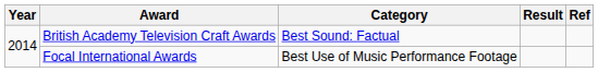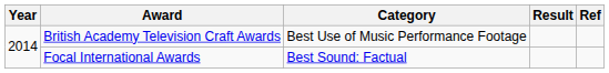 <table class="wikitable">
 <tr>
 <th>Year</th>
 <th>Award</th>
 <th>Category</th>
 <th>Result</th>
 <th>Ref</th>
 </tr>
 <tr>
 <td rowspan=2>2014</td>
 <td><a href='#'>British Academy Television Craft Awards</a></td>
-<td><a href='#'>Best Sound: Factual</a></td>
+<td>Best Use of Music Performance Footage</td>
 <td></td>
 <td align=center></td>
 </tr>
 <tr>
 <td><a href='#'>Focal International Awards</a></td>
-<td>Best Use of Music Performance Footage</td>
+<td><a href='#'>Best Sound: Factual</a></td>
 <td></td>
 <td align=center></td>
 </tr>
 </table>
